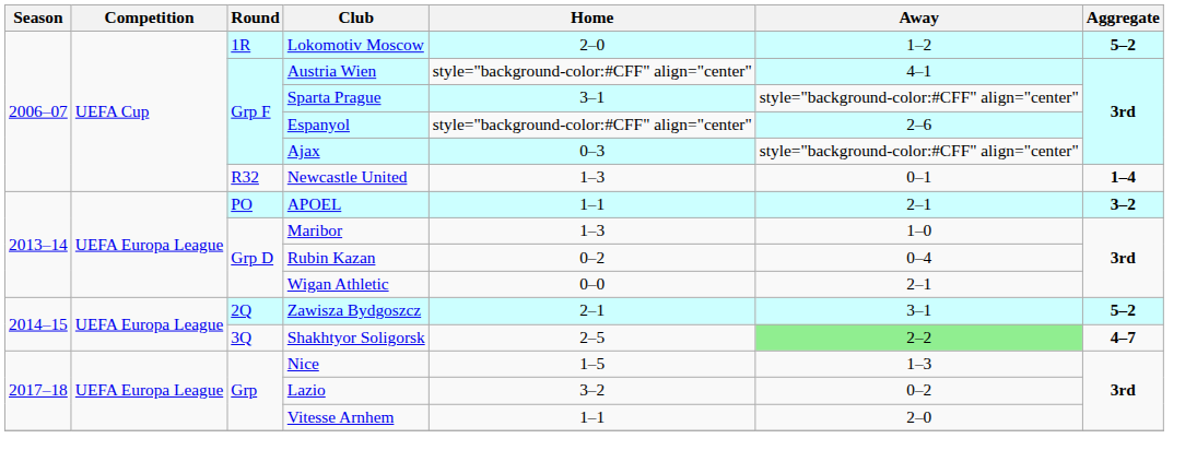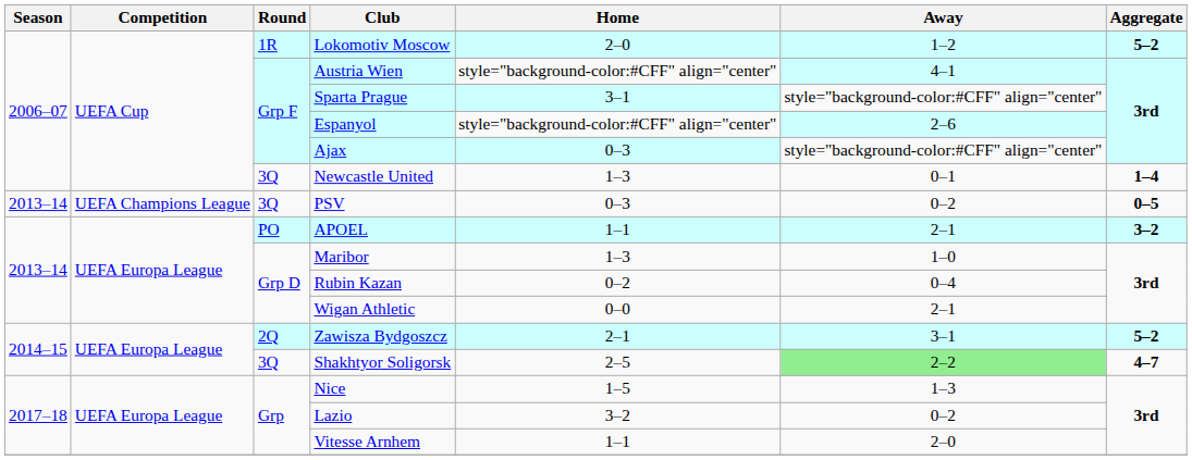 <table class="wikitable">
 <tr>
 <th>Season</th>
 <th>Competition</th>
 <th>Round</th>
 <th>Club</th>
 <th>Home</th>
 <th>Away</th>
 <th>Aggregate</th>
 </tr>
 <tr>
 <td rowspan="6"><a href='#'>2006–07</a></td>
 <td rowspan="6"><a href='#'>UEFA Cup</a></td>
 <td style="background-color:#CFF"><a href='#'>1R</a></td>
 <td style="background-color:#CFF"> <a href='#'>Lokomotiv Moscow</a></td>
 <td style="background-color:#CFF" align="center">2–0</td>
 <td style="background-color:#CFF" align="center">1–2</td>
 <td style="background-color:#CFF" align="center"><strong>5–2</strong></td>
 </tr>
 <tr>
 <td style="background-color:#CFF" rowspan="4"><a href='#'>Grp F</a></td>
 <td style="background-color:#CFF"> <a href='#'>Austria Wien</a></td>
 <td>style="background-color:#CFF" align="center" </td>
 <td style="background-color:#CFF" align="center">4–1</td>
 <td style="background-color:#CFF" rowspan="4" align="center"><strong>3rd</strong></td>
 </tr>
 <tr>
 <td style="background-color:#CFF"> <a href='#'>Sparta Prague</a></td>
 <td style="background-color:#CFF" align="center">3–1</td>
 <td>style="background-color:#CFF" align="center" </td>
 </tr>
 <tr>
 <td style="background-color:#CFF"> <a href='#'>Espanyol</a></td>
 <td>style="background-color:#CFF" align="center" </td>
 <td style="background-color:#CFF" align="center">2–6</td>
 </tr>
 <tr>
 <td style="background-color:#CFF"> <a href='#'>Ajax</a></td>
 <td style="background-color:#CFF" align="center">0–3</td>
 <td>style="background-color:#CFF" align="center" </td>
 </tr>
 <tr>
-<td><a href='#'>R32</a></td>
+<td><a href='#'>3Q</a></td>
 <td> <a href='#'>Newcastle United</a></td>
 <td style="text-align:center;">1–3</td>
 <td style="text-align:center;">0–1</td>
 <td style="text-align:center;"><strong>1–4</strong></td>
+</tr>
+<tr>
+<td><a href='#'>2013–14</a></td>
+<td><a href='#'>UEFA Champions League</a></td>
+<td><a href='#'>3Q</a></td>
+<td> <a href='#'>PSV</a></td>
+<td style="text-align:center;">0–3</td>
+<td style="text-align:center;">0–2</td>
+<td style="text-align:center;"><strong>0–5</strong></td>
 </tr>
 <tr>
 <td rowspan="4"><a href='#'>2013–14</a></td>
 <td rowspan="4"><a href='#'>UEFA Europa League</a></td>
 <td style="background-color:#CFF"><a href='#'>PO</a></td>
 <td style="background-color:#CFF"> <a href='#'>APOEL</a></td>
 <td style="background-color:#CFF" align="center">1–1</td>
 <td style="background-color:#CFF" align="center">2–1</td>
 <td style="background-color:#CFF" align="center"><strong>3–2</strong></td>
 </tr>
 <tr>
 <td rowspan="3"><a href='#'>Grp D</a></td>
 <td> <a href='#'>Maribor</a></td>
 <td align="center">1–3</td>
 <td align="center">1–0</td>
 <td rowspan="3" align="center"><strong>3rd</strong></td>
 </tr>
 <tr>
 <td> <a href='#'>Rubin Kazan</a></td>
 <td align="center">0–2</td>
 <td align="center">0–4</td>
 </tr>
 <tr>
 <td> <a href='#'>Wigan Athletic</a></td>
 <td align="center">0–0</td>
 <td align="center">2–1</td>
 </tr>
 <tr>
 <td rowspan="2"><a href='#'>2014–15</a></td>
 <td rowspan="2"><a href='#'>UEFA Europa League</a></td>
 <td style="background-color:#CFF"><a href='#'>2Q</a></td>
 <td style="background-color:#CFF"> <a href='#'>Zawisza Bydgoszcz</a></td>
 <td style="background-color:#CFF" align="center">2–1</td>
 <td style="background-color:#CFF" align="center">3–1</td>
 <td style="background-color:#CFF" align="center"><strong>5–2</strong></td>
 </tr>
 <tr>
 <td><a href='#'>3Q</a></td>
 <td> <a href='#'>Shakhtyor Soligorsk</a></td>
 <td align="center">2–5</td>
 <td align="center" style="background: lightgreen;">2–2</td>
 <td align="center"><strong>4–7</strong></td>
 </tr>
 <tr>
 <td rowspan="3"><a href='#'>2017–18</a></td>
 <td rowspan="3"><a href='#'>UEFA Europa League</a></td>
 <td rowspan="3"><a href='#'>Grp</a></td>
 <td> <a href='#'>Nice</a></td>
 <td align="center">1–5</td>
 <td align="center">1–3</td>
 <td rowspan="3" align="center"><strong>3rd</strong></td>
 </tr>
 <tr>
 <td> <a href='#'>Lazio</a></td>
 <td align="center">3–2</td>
 <td align="center">0–2</td>
 </tr>
 <tr>
 <td> <a href='#'>Vitesse Arnhem</a></td>
 <td align="center">1–1</td>
 <td align="center">2–0</td>
 </tr>
 <tr>
 </tr>
 </table>
